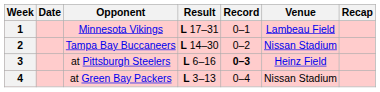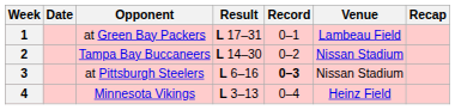 <table class="wikitable" style="text-align:center">
 <tr>
 <th>Week</th>
 <th>Date</th>
 <th>Opponent</th>
 <th>Result</th>
 <th>Record</th>
 <th>Venue</th>
 <th>Recap</th>
 </tr>
 <tr style="background:#fcc">
 <th>1</th>
 <td></td>
-<td><a href='#'>Minnesota Vikings</a></td>
+<td>at <a href='#'>Green Bay Packers</a></td>
 <td><strong>L</strong> 17–31</td>
 <td>0–1</td>
 <td><a href='#'>Lambeau Field</a></td>
 <td></td>
 </tr>
 <tr style="background:#fcc">
 <th>2</th>
 <td></td>
 <td><a href='#'>Tampa Bay Buccaneers</a></td>
 <td><strong>L</strong> 14–30</td>
 <td>0–2</td>
 <td><a href='#'>Nissan Stadium</a></td>
 <td></td>
 </tr>
 <tr style="background:#fcc">
 <th>3</th>
 <td></td>
 <td>at <a href='#'>Pittsburgh Steelers</a></td>
 <td><strong>L</strong> 6–16</td>
 <td><strong>0–3</strong></td>
-<td><a href='#'>Heinz Field</a></td>
+<td>Nissan Stadium</td>
 <td></td>
 </tr>
 <tr style="background:#fcc">
 <th>4</th>
 <td></td>
-<td>at <a href='#'>Green Bay Packers</a></td>
+<td><a href='#'>Minnesota Vikings</a></td>
 <td><strong>L</strong> 3–13</td>
 <td>0–4</td>
-<td>Nissan Stadium</td>
+<td><a href='#'>Heinz Field</a></td>
 <td></td>
 </tr>
 </table>
